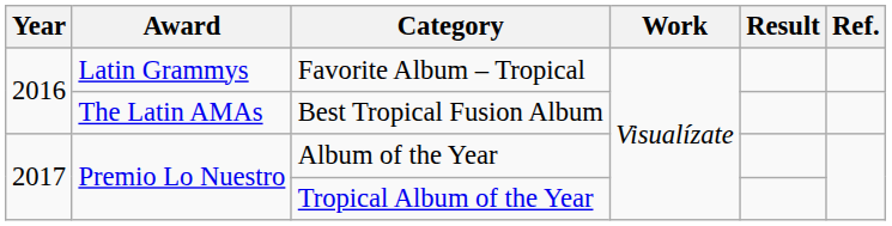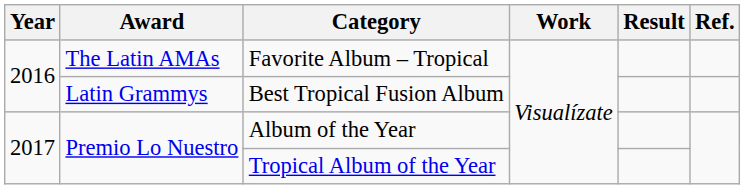 <table class="wikitable">
 <tr>
 <th>Year</th>
 <th>Award</th>
 <th>Category</th>
 <th>Work</th>
 <th>Result</th>
 <th>Ref.</th>
 </tr>
 <tr>
 <td rowspan="2">2016</td>
-<td><a href='#'>Latin Grammys</a></td>
+<td><a href='#'>The Latin AMAs</a></td>
 <td>Favorite Album – Tropical</td>
 <td rowspan="4"><em>Visualízate</em></td>
 <td></td>
 <td></td>
 </tr>
 <tr>
-<td><a href='#'>The Latin AMAs</a></td>
+<td><a href='#'>Latin Grammys</a></td>
 <td>Best Tropical Fusion Album</td>
 <td></td>
 <td></td>
 </tr>
 <tr>
 <td rowspan="2">2017</td>
 <td rowspan="2"><a href='#'>Premio Lo Nuestro</a></td>
 <td>Album of the Year</td>
 <td></td>
 <td rowspan="2"></td>
 </tr>
 <tr>
 <td><a href='#'>Tropical Album of the Year</a></td>
 <td></td>
 </tr>
 </table>
